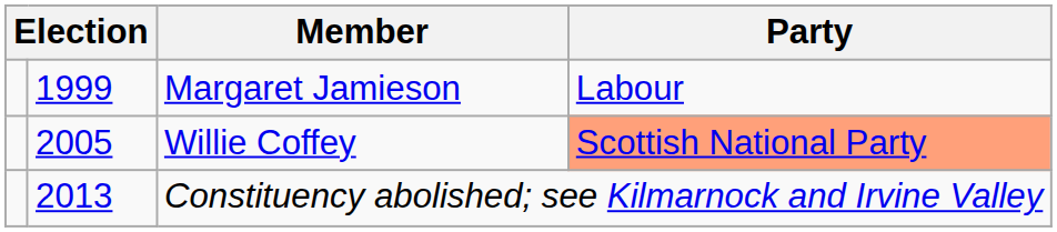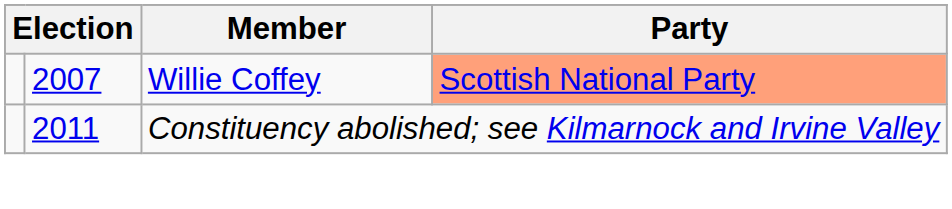 <table class="wikitable">
 <tr>
 <th colspan="2">Election</th>
 <th>Member</th>
 <th>Party</th>
 </tr>
 <tr>
 <td style="background-color: "></td>
-<td><a href='#'>1999</a></td>
-<td><a href='#'>Margaret Jamieson</a></td>
-<td><a href='#'>Labour</a></td>
-</tr>
-<tr>
-<td style="background-color: "></td>
-<td><a href='#'>2005</a></td>
+<td><a href='#'>2007</a></td>
 <td><a href='#'>Willie Coffey</a></td>
 <td style="background: lightsalmon;"><a href='#'>Scottish National Party</a></td>
 </tr>
 <tr>
 <td></td>
-<td><a href='#'>2013</a></td>
+<td><a href='#'>2011</a></td>
 <td colspan="2"><em>Constituency abolished; see <a href='#'>Kilmarnock and Irvine Valley</a></em></td>
 </tr>
 </table>
